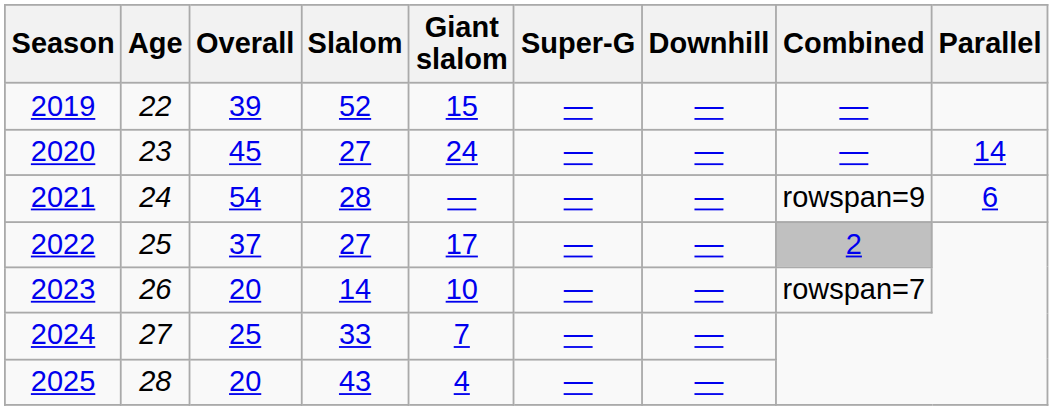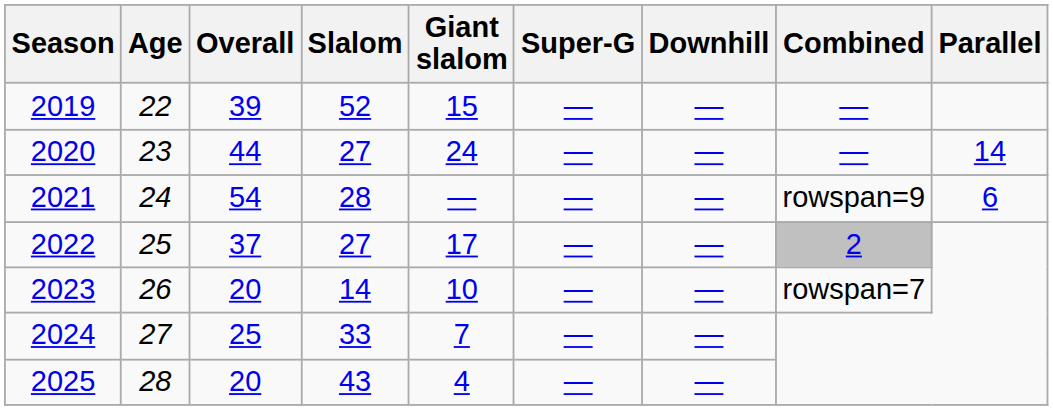 <table class=wikitable style="text-align:center">
 <tr>
 <th>Season</th>
 <th>Age</th>
 <th>Overall</th>
 <th>Slalom</th>
 <th>Giant<br>slalom</th>
 <th>Super-G</th>
 <th>Downhill</th>
 <th>Combined</th>
 <th>Parallel</th>
 </tr>
 <tr>
 <td><a href='#'>2019</a></td>
 <td><em>22</em></td>
 <td><a href='#'>39</a></td>
 <td><a href='#'>52</a></td>
 <td><a href='#'>15</a></td>
 <td><a href='#'>—</a></td>
 <td><a href='#'>—</a></td>
 <td><a href='#'>—</a></td>
 <td></td>
 </tr>
 <tr>
 <td><a href='#'>2020</a></td>
 <td><em>23</em></td>
-<td><a href='#'>45</a></td>
+<td><a href='#'>44</a></td>
 <td><a href='#'>27</a></td>
 <td><a href='#'>24</a></td>
 <td><a href='#'>—</a></td>
 <td><a href='#'>—</a></td>
 <td><a href='#'>—</a></td>
 <td><a href='#'>14</a></td>
 </tr>
 <tr>
 <td><a href='#'>2021</a></td>
 <td><em>24</em></td>
 <td><a href='#'>54</a></td>
 <td><a href='#'>28</a></td>
 <td><a href='#'>—</a></td>
 <td><a href='#'>—</a></td>
 <td><a href='#'>—</a></td>
 <td>rowspan=9 </td>
 <td><a href='#'>6</a></td>
 </tr>
 <tr>
 <td><a href='#'>2022</a></td>
 <td><em>25</em></td>
 <td><a href='#'>37</a></td>
 <td><a href='#'>27</a></td>
 <td><a href='#'>17</a></td>
 <td><a href='#'>—</a></td>
 <td><a href='#'>—</a></td>
 <td bgcolor=silver><a href='#'>2</a></td>
 </tr>
 <tr>
 <td><a href='#'>2023</a></td>
 <td><em>26</em></td>
 <td><a href='#'>20</a></td>
 <td><a href='#'>14</a></td>
 <td><a href='#'>10</a></td>
 <td><a href='#'>—</a></td>
 <td><a href='#'>—</a></td>
 <td>rowspan=7 </td>
 </tr>
 <tr>
 <td><a href='#'>2024</a></td>
 <td><em>27</em></td>
 <td><a href='#'>25</a></td>
 <td><a href='#'>33</a></td>
 <td><a href='#'>7</a></td>
 <td><a href='#'>—</a></td>
 <td><a href='#'>—</a></td>
 </tr>
 <tr>
 <td><a href='#'>2025</a></td>
 <td><em>28</em></td>
 <td><a href='#'>20</a></td>
 <td><a href='#'>43</a></td>
 <td><a href='#'>4</a></td>
 <td><a href='#'>—</a></td>
 <td><a href='#'>—</a></td>
 </tr>
 </table>
